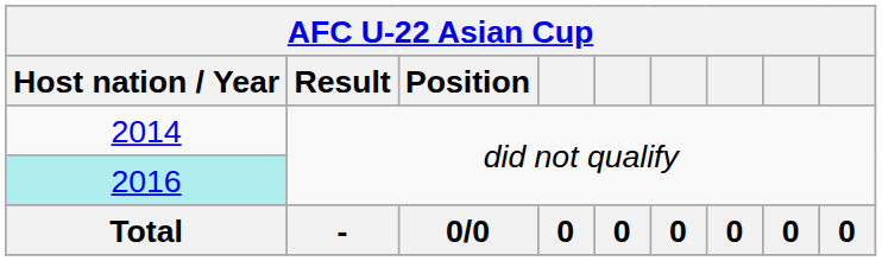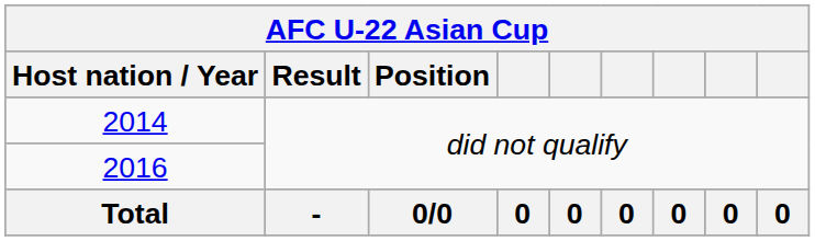 <table class="wikitable" style="text-align: center;font-size:95%;">
 <tr>
 <th colspan=9><a href='#'>AFC U-22 Asian Cup</a></th>
 </tr>
 <tr>
 <th>Host nation / Year</th>
 <th>Result</th>
 <th>Position</th>
 <th width=20></th>
 <th width=20></th>
 <th width=20></th>
 <th width=20></th>
 <th width=20></th>
 <th width=20></th>
 </tr>
 <tr>
 <td> <a href='#'>2014</a></td>
 <td colspan="8" rowspan="2"><em>did not qualify</em></td>
 </tr>
 <tr>
-<td style="background: paleturquoise;"> <a href='#'>2016</a></td>
+<td> <a href='#'>2016</a></td>
 </tr>
 <tr>
 <th>Total</th>
 <th>-</th>
 <th>0/0</th>
 <th>0</th>
 <th>0</th>
 <th>0</th>
 <th>0</th>
 <th>0</th>
 <th>0</th>
 </tr>
 </table>
